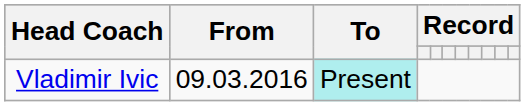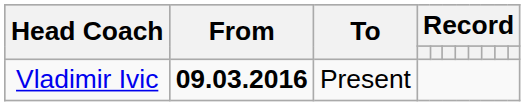 <table class="wikitable" style="text-align: center">
 <tr>
 <th rowspan=2>Head Coach</th>
 <th rowspan=2>From</th>
 <th rowspan=2>To</th>
 <th colspan=8>Record</th>
 </tr>
 <tr>
 <th></th>
 <th></th>
 <th></th>
 <th></th>
 <th></th>
 <th></th>
 <th></th>
 <th></th>
 </tr>
 <tr>
 <td> <a href='#'>Vladimir Ivic</a></td>
-<td>09.03.2016</td>
-<td style="background: paleturquoise;">Present<br></td>
+<td><strong>09.03.2016</strong></td>
+<td>Present<br></td>
 </tr>
 </table>
